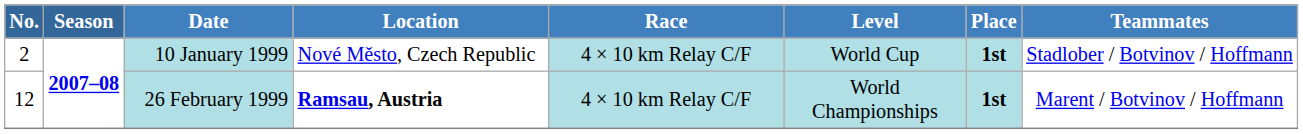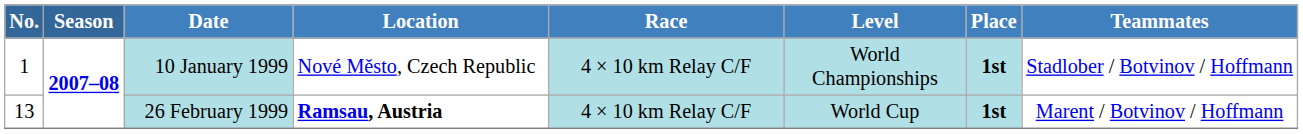 <table class="wikitable sortable" style="font-size:95%; text-align:center; border:grey solid 1px; border-collapse:collapse; background:#ffffff;">
 <tr style="background:#efefef;">
 <th style="background-color:#369; color:white;">No.</th>
 <th style="background-color:#369; color:white;">Season</th>
 <th style="background-color:#4180be; color:white; width:120px;">Date</th>
 <th style="background-color:#4180be; color:white; width:185px;">Location</th>
 <th style="background-color:#4180be; color:white; width:170px;">Race</th>
 <th style="background-color:#4180be; color:white; width:130px;">Level</th>
 <th style="background-color:#4180be; color:white;">Place</th>
 <th style="background-color:#4180be; color:white;">Teammates</th>
 </tr>
 <tr>
-<td align=center>2</td>
+<td align=center>1</td>
 <td rowspan=2 align=center><strong><a href='#'>2007–08</a></strong></td>
 <td bgcolor="#BOEOE6" align=right>10 January 1999</td>
 <td align=left> <a href='#'>Nové Město</a>, Czech Republic</td>
 <td bgcolor="#BOEOE6">4 × 10 km Relay C/F</td>
-<td bgcolor="#BOEOE6">World Cup</td>
+<td bgcolor="#BOEOE6">World Championships</td>
 <td bgcolor="#BOEOE6"><strong>1st</strong></td>
 <td><a href='#'>Stadlober</a> / <a href='#'>Botvinov</a> / <a href='#'>Hoffmann</a></td>
 </tr>
 <tr>
-<td align=center>12</td>
+<td align=center>13</td>
 <td bgcolor="#BOEOE6" align=right>26 February 1999</td>
 <td align=left><strong> <a href='#'>Ramsau</a>, Austria</strong></td>
 <td bgcolor="#BOEOE6">4 × 10 km Relay C/F</td>
-<td bgcolor="#BOEOE6">World Championships</td>
+<td bgcolor="#BOEOE6">World Cup</td>
 <td bgcolor="#BOEOE6"><strong>1st</strong></td>
 <td><a href='#'>Marent</a> / <a href='#'>Botvinov</a> / <a href='#'>Hoffmann</a></td>
 </tr>
 <tr>
 </tr>
 </table>
